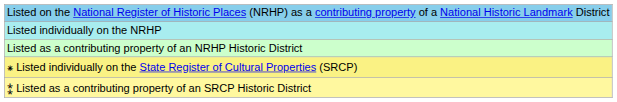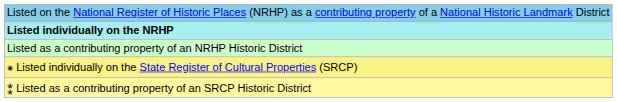 <table class="wikitable">
 <tr>
 <td style="background: #87CEEB"> Listed on the <a href='#'>National Register of Historic Places</a> (NRHP) as a <a href='#'>contributing property</a> of a <a href='#'>National Historic Landmark</a> District</td>
 </tr>
 <tr>
-<td style="background: #A8EDEF"> Listed individually on the NRHP</td>
+<td style="background: #A8EDEF"><strong> Listed individually on the NRHP</strong></td>
 </tr>
 <tr>
 <td style="background: #CCFFCC"> Listed as a contributing property of an NRHP Historic District</td>
 </tr>
 <tr>
 <td style="background: #FAF284">⁕ Listed individually on the <a href='#'>State Register of Cultural Properties</a> (SRCP)</td>
 </tr>
 <tr>
 <td style="background: #FFF89F">⁑ Listed as a contributing property of an SRCP Historic District</td>
 </tr>
 </table>
